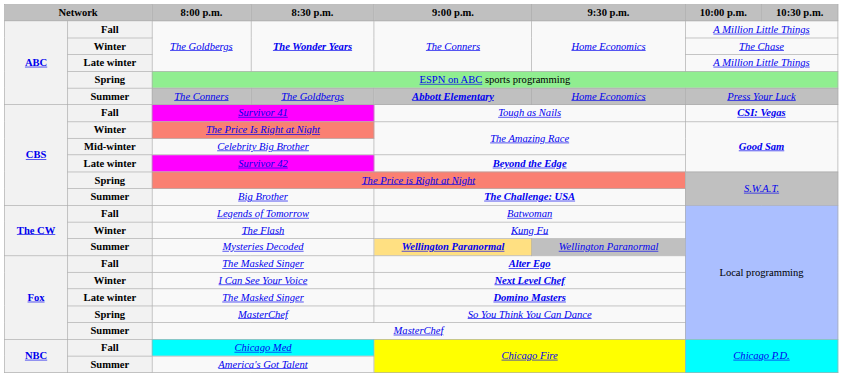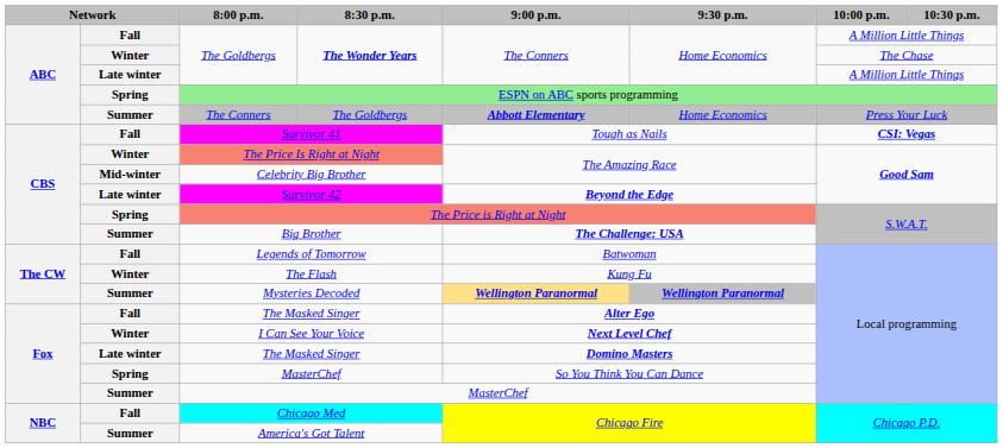 <table class="wikitable" style="width:100%;margin-right:0;text-align:center">
 <tr>
 <th colspan="2" style="background-color:#C0C0C0;text-align:center">Network</th>
 <th style="background-color:#C0C0C0;text-align:center">8:00 p.m.</th>
 <th style="background-color:#C0C0C0;text-align:center">8:30 p.m.</th>
 <th style="background-color:#C0C0C0;text-align:center">9:00 p.m.</th>
 <th style="background-color:#C0C0C0;text-align:center">9:30 p.m.</th>
 <th style="background-color:#C0C0C0;text-align:center">10:00 p.m.</th>
 <th style="background-color:#C0C0C0;text-align:center">10:30 p.m.</th>
 </tr>
 <tr>
 <th rowspan="5"><a href='#'>ABC</a></th>
 <th>Fall</th>
 <td rowspan="3"><em><a href='#'>The Goldbergs</a></em></td>
 <td rowspan="3"><strong><em><a href='#'>The Wonder Years</a></em></strong></td>
 <td rowspan="3"><em><a href='#'>The Conners</a></em></td>
 <td rowspan="3"><em><a href='#'>Home Economics</a></em></td>
 <td colspan="2"><em><a href='#'>A Million Little Things</a></em></td>
 </tr>
 <tr>
 <th>Winter</th>
 <td colspan="2"><em><a href='#'>The Chase</a></em></td>
 </tr>
 <tr>
 <th>Late winter</th>
 <td colspan="2"><em><a href='#'>A Million Little Things</a></em></td>
 </tr>
 <tr>
 <th>Spring</th>
 <td colspan="6" style="background:lightgreen;"><a href='#'>ESPN on ABC</a> sports programming</td>
 </tr>
 <tr>
 <th>Summer</th>
 <td style="background:#C0C0C0;"><em><a href='#'>The Conners</a></em> </td>
 <td style="background:#C0C0C0;"><em><a href='#'>The Goldbergs</a></em> </td>
 <td style="background:#C0C0C0;"><strong><em><a href='#'>Abbott Elementary</a></em></strong> </td>
 <td style="background:#C0C0C0;"><em><a href='#'>Home Economics</a></em> </td>
 <td colspan="2" style="background:#C0C0C0;"><em><a href='#'>Press Your Luck</a></em> </td>
 </tr>
 <tr>
 <th rowspan="6"><a href='#'>CBS</a></th>
 <th>Fall</th>
 <td colspan="2" style="background:magenta;"><em><a href='#'>Survivor 41</a></em> </td>
 <td colspan="2"><em><a href='#'>Tough as Nails</a></em></td>
 <td colspan="2"><strong><em><a href='#'>CSI: Vegas</a></em></strong></td>
 </tr>
 <tr>
 <th>Winter</th>
 <td colspan="2" style="background:#FA8072;"><em><a href='#'>The Price Is Right at Night</a></em></td>
 <td rowspan="2" colspan="2"><em><a href='#'>The Amazing Race</a></em></td>
 <td rowspan="3" colspan="2"><strong><em><a href='#'>Good Sam</a></em></strong></td>
 </tr>
 <tr>
 <th>Mid-winter</th>
 <td colspan="2"><em><a href='#'>Celebrity Big Brother</a></em></td>
 </tr>
 <tr>
 <th>Late winter</th>
 <td colspan="2" style="background:magenta;"><em><a href='#'>Survivor 42</a></em> </td>
 <td colspan="2"><strong><em><a href='#'>Beyond the Edge</a></em></strong></td>
 </tr>
 <tr>
 <th>Spring</th>
 <td colspan="4" style="background:#FA8072;"><em><a href='#'>The Price is Right at Night</a></em> </td>
 <td rowspan="2" colspan="2" style="background:#C0C0C0;"><em><a href='#'>S.W.A.T.</a></em> </td>
 </tr>
 <tr>
 <th>Summer</th>
 <td colspan="2"><em><a href='#'>Big Brother</a></em></td>
 <td colspan="2"><strong><em><a href='#'>The Challenge: USA</a></em></strong></td>
 </tr>
 <tr>
 <th rowspan="3"><a href='#'>The CW</a></th>
 <th>Fall</th>
 <td colspan="2"><em><a href='#'>Legends of Tomorrow</a></em></td>
 <td colspan="2"><em><a href='#'>Batwoman</a></em></td>
 <td rowspan="8" colspan="2" style="background:#abbfff;">Local programming</td>
 </tr>
 <tr>
 <th>Winter</th>
 <td colspan="2"><em><a href='#'>The Flash</a></em></td>
 <td colspan="2"><em><a href='#'>Kung Fu</a></em></td>
 </tr>
 <tr>
 <th>Summer</th>
 <td colspan="2"><em><a href='#'>Mysteries Decoded</a></em></td>
 <td style="background:#FFE082;"><strong><em><a href='#'>Wellington Paranormal</a></em></strong></td>
-<td style="background:#C0C0C0;"><em><a href='#'>Wellington Paranormal</a></em> </td>
+<td style="background:#C0C0C0;"><strong><em><a href='#'>Wellington Paranormal</a></em> </strong></td>
 </tr>
 <tr>
 <th rowspan="5"><a href='#'>Fox</a></th>
 <th>Fall</th>
 <td colspan="2"><em><a href='#'>The Masked Singer</a></em></td>
 <td colspan="2"><strong><em><a href='#'>Alter Ego</a></em></strong></td>
 </tr>
 <tr>
 <th>Winter</th>
 <td colspan="2"><em><a href='#'>I Can See Your Voice</a></em></td>
 <td colspan="2"><strong><em><a href='#'>Next Level Chef</a></em></strong></td>
 </tr>
 <tr>
 <th>Late winter</th>
 <td colspan="2"><em><a href='#'>The Masked Singer</a></em></td>
 <td colspan="2"><strong><em><a href='#'>Domino Masters</a></em></strong></td>
 </tr>
 <tr>
 <th>Spring</th>
 <td colspan="2"><em><a href='#'>MasterChef</a></em></td>
 <td colspan="2"><em><a href='#'>So You Think You Can Dance</a></em></td>
 </tr>
 <tr>
 <th>Summer</th>
 <td colspan="4"><em><a href='#'>MasterChef</a></em></td>
 </tr>
 <tr>
 <th rowspan="2"><a href='#'>NBC</a></th>
 <th>Fall</th>
 <td colspan="2" style="background:cyan;"><em><a href='#'>Chicago Med</a></em> </td>
 <td rowspan="2" colspan="2" style="background:yellow;"><em><a href='#'>Chicago Fire</a></em> </td>
 <td rowspan="2" colspan="2" style="background:cyan;"><em><a href='#'>Chicago P.D.</a></em> </td>
 </tr>
 <tr>
 <th>Summer</th>
 <td colspan="2"><em><a href='#'>America's Got Talent</a></em></td>
 </tr>
 </table>
